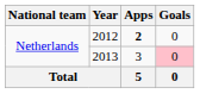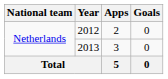 <table class="wikitable" style="text-align:center">
 <tr>
 <th>National team</th>
 <th>Year</th>
 <th>Apps</th>
 <th>Goals</th>
 </tr>
 <tr>
 <td rowspan="2"><a href='#'>Netherlands</a></td>
 <td>2012</td>
-<td><strong>2</strong></td>
+<td>2</td>
 <td>0</td>
 </tr>
 <tr>
 <td>2013</td>
 <td>3</td>
-<td style="background: pink;">0</td>
+<td>0</td>
 </tr>
 <tr>
 <th colspan="2">Total</th>
 <th>5</th>
 <th>0</th>
 </tr>
 </table>
